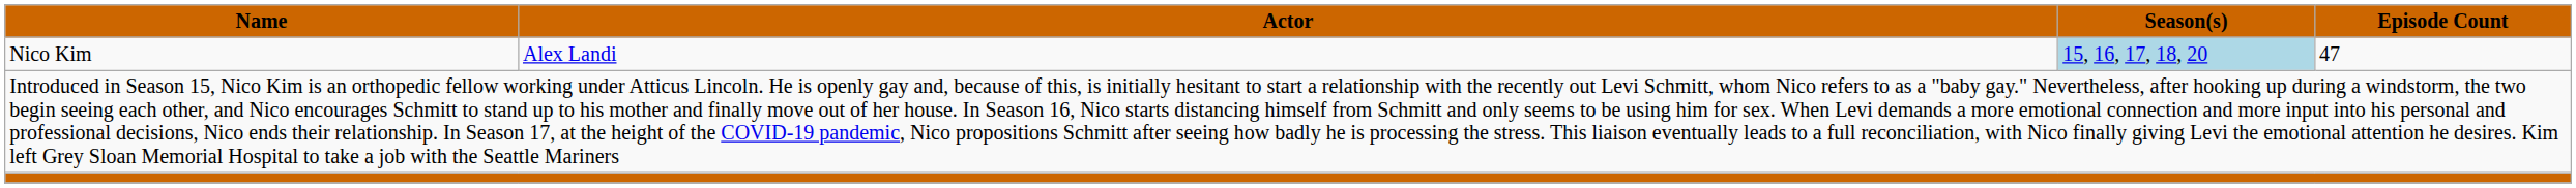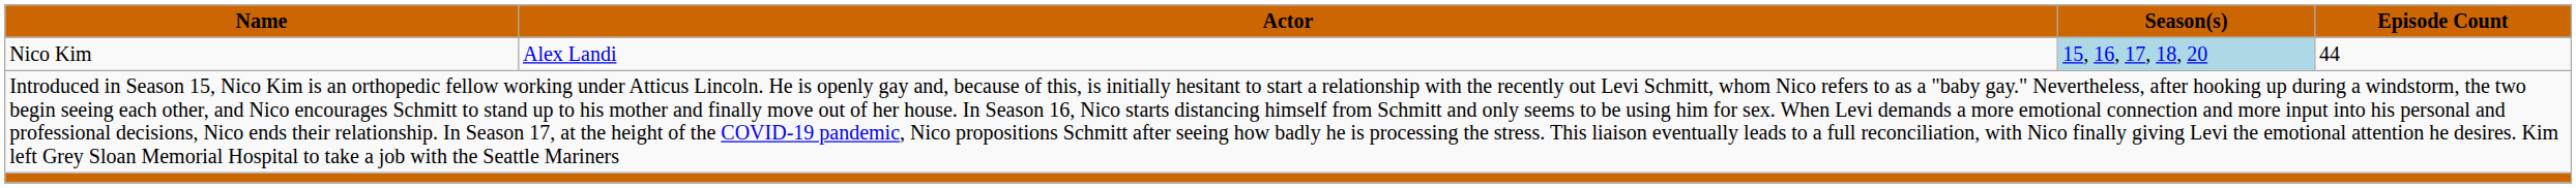 <table class="wikitable" style="width:100%; margin-right:auto;">
 <tr>
 <th style="background-color:#CC6600; width:20%">Name</th>
 <th style="background-color:#CC6600; width:60%">Actor</th>
 <th style="background-color:#CC6600; width:10%">Season(s)</th>
 <th style="background-color:#CC6600; width:10%">Episode Count</th>
 </tr>
 <tr>
 <td>Nico Kim</td>
 <td><a href='#'>Alex Landi</a></td>
 <td style="background: lightblue;"><a href='#'>15</a>, <a href='#'>16</a>, <a href='#'>17</a>, <a href='#'>18</a>, <a href='#'>20</a></td>
-<td>47</td>
+<td>44</td>
 </tr>
 <tr>
 <td colspan="5">Introduced in Season 15, Nico Kim is an orthopedic fellow working under Atticus Lincoln. He is openly gay and, because of this, is initially hesitant to start a relationship with the recently out Levi Schmitt, whom Nico refers to as a "baby gay." Nevertheless, after hooking up during a windstorm, the two begin seeing each other, and Nico encourages Schmitt to stand up to his mother and finally move out of her house. In Season 16, Nico starts distancing himself from Schmitt and only seems to be using him for sex. When Levi demands a more emotional connection and more input into his personal and professional decisions, Nico ends their relationship. In Season 17, at the height of the <a href='#'>COVID-19 pandemic</a>, Nico propositions Schmitt after seeing how badly he is processing the stress. This liaison eventually leads to a full reconciliation, with Nico finally giving Levi the emotional attention he desires. Kim left Grey Sloan Memorial Hospital to take a job with the Seattle Mariners</td>
 </tr>
 <tr>
 <td colspan="5" bgcolor="#CC6600"></td>
 </tr>
 <tr>
 </tr>
 </table>
